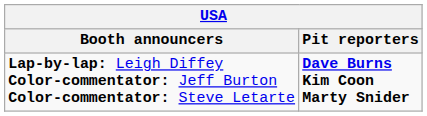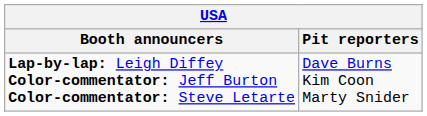 <table class="wikitable" style="font-size: 95%">
 <tr>
 <th colspan="2"><a href='#'>USA</a></th>
 </tr>
 <tr>
 <th>Booth announcers</th>
 <th>Pit reporters</th>
 </tr>
 <tr>
 <td><strong>Lap-by-lap:</strong> <a href='#'>Leigh Diffey</a><br><strong>Color-commentator:</strong> <a href='#'>Jeff Burton</a><br><strong>Color-commentator:</strong> <a href='#'>Steve Letarte</a></td>
-<td><strong><a href='#'>Dave Burns</a><br>Kim Coon<br>Marty Snider</strong></td>
+<td><a href='#'>Dave Burns</a><br>Kim Coon<br>Marty Snider</td>
 </tr>
 </table>
